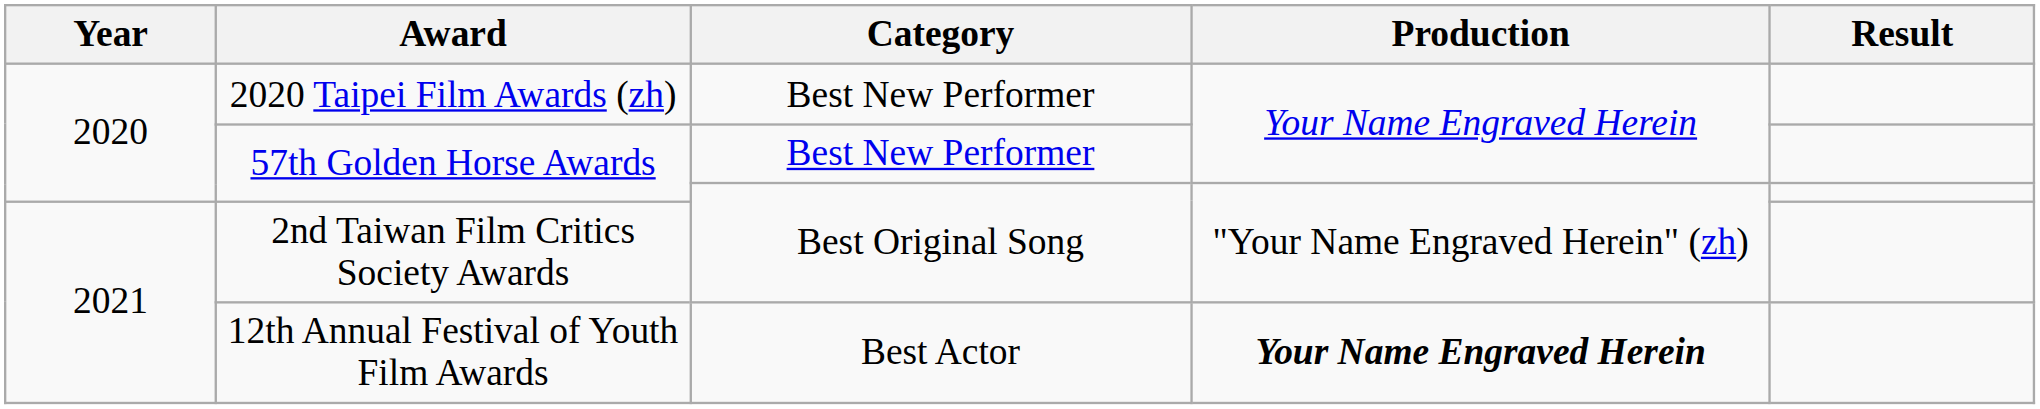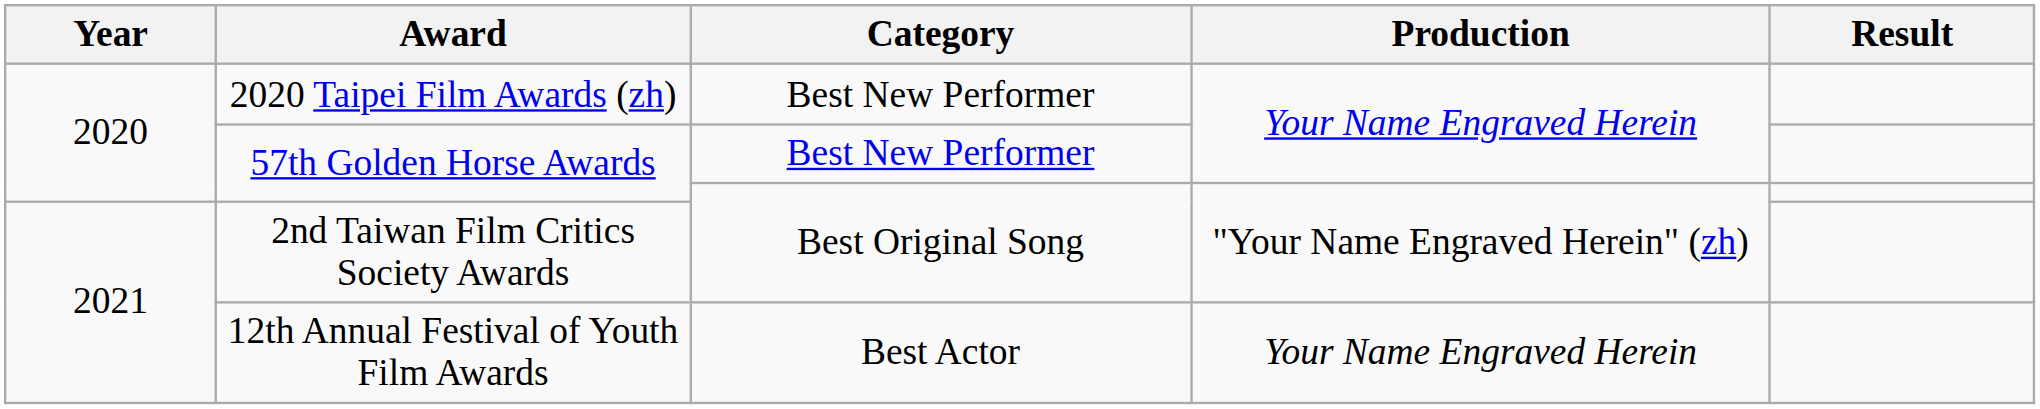 <table class="wikitable" style="text-align:center;">
 <tr align=center>
 <th width="8%">Year</th>
 <th width="18%">Award</th>
 <th width="19%">Category</th>
 <th width="22%">Production</th>
 <th width="10%">Result</th>
 </tr>
 <tr align=center>
 <td rowspan="3">2020</td>
 <td>2020 <a href='#'>Taipei Film Awards</a> (<a href='#'>zh</a>)</td>
 <td>Best New Performer</td>
 <td rowspan="2"><em><a href='#'>Your Name Engraved Herein</a></em></td>
 <td></td>
 </tr>
 <tr>
 <td rowspan="2"><a href='#'>57th Golden Horse Awards</a></td>
 <td><a href='#'>Best New Performer</a></td>
 <td></td>
 </tr>
 <tr>
 <td rowspan="2">Best Original Song</td>
 <td rowspan="2">"Your Name Engraved Herein" (<a href='#'>zh</a>)</td>
 <td></td>
 </tr>
 <tr align=center>
 <td rowspan="2">2021</td>
 <td>2nd Taiwan Film Critics Society Awards</td>
 <td></td>
 </tr>
 <tr>
 <td>12th Annual Festival of Youth Film Awards</td>
 <td>Best Actor</td>
-<td><strong><em>Your Name Engraved Herein</em></strong></td>
+<td><em>Your Name Engraved Herein</em></td>
 <td></td>
 </tr>
 </table>
